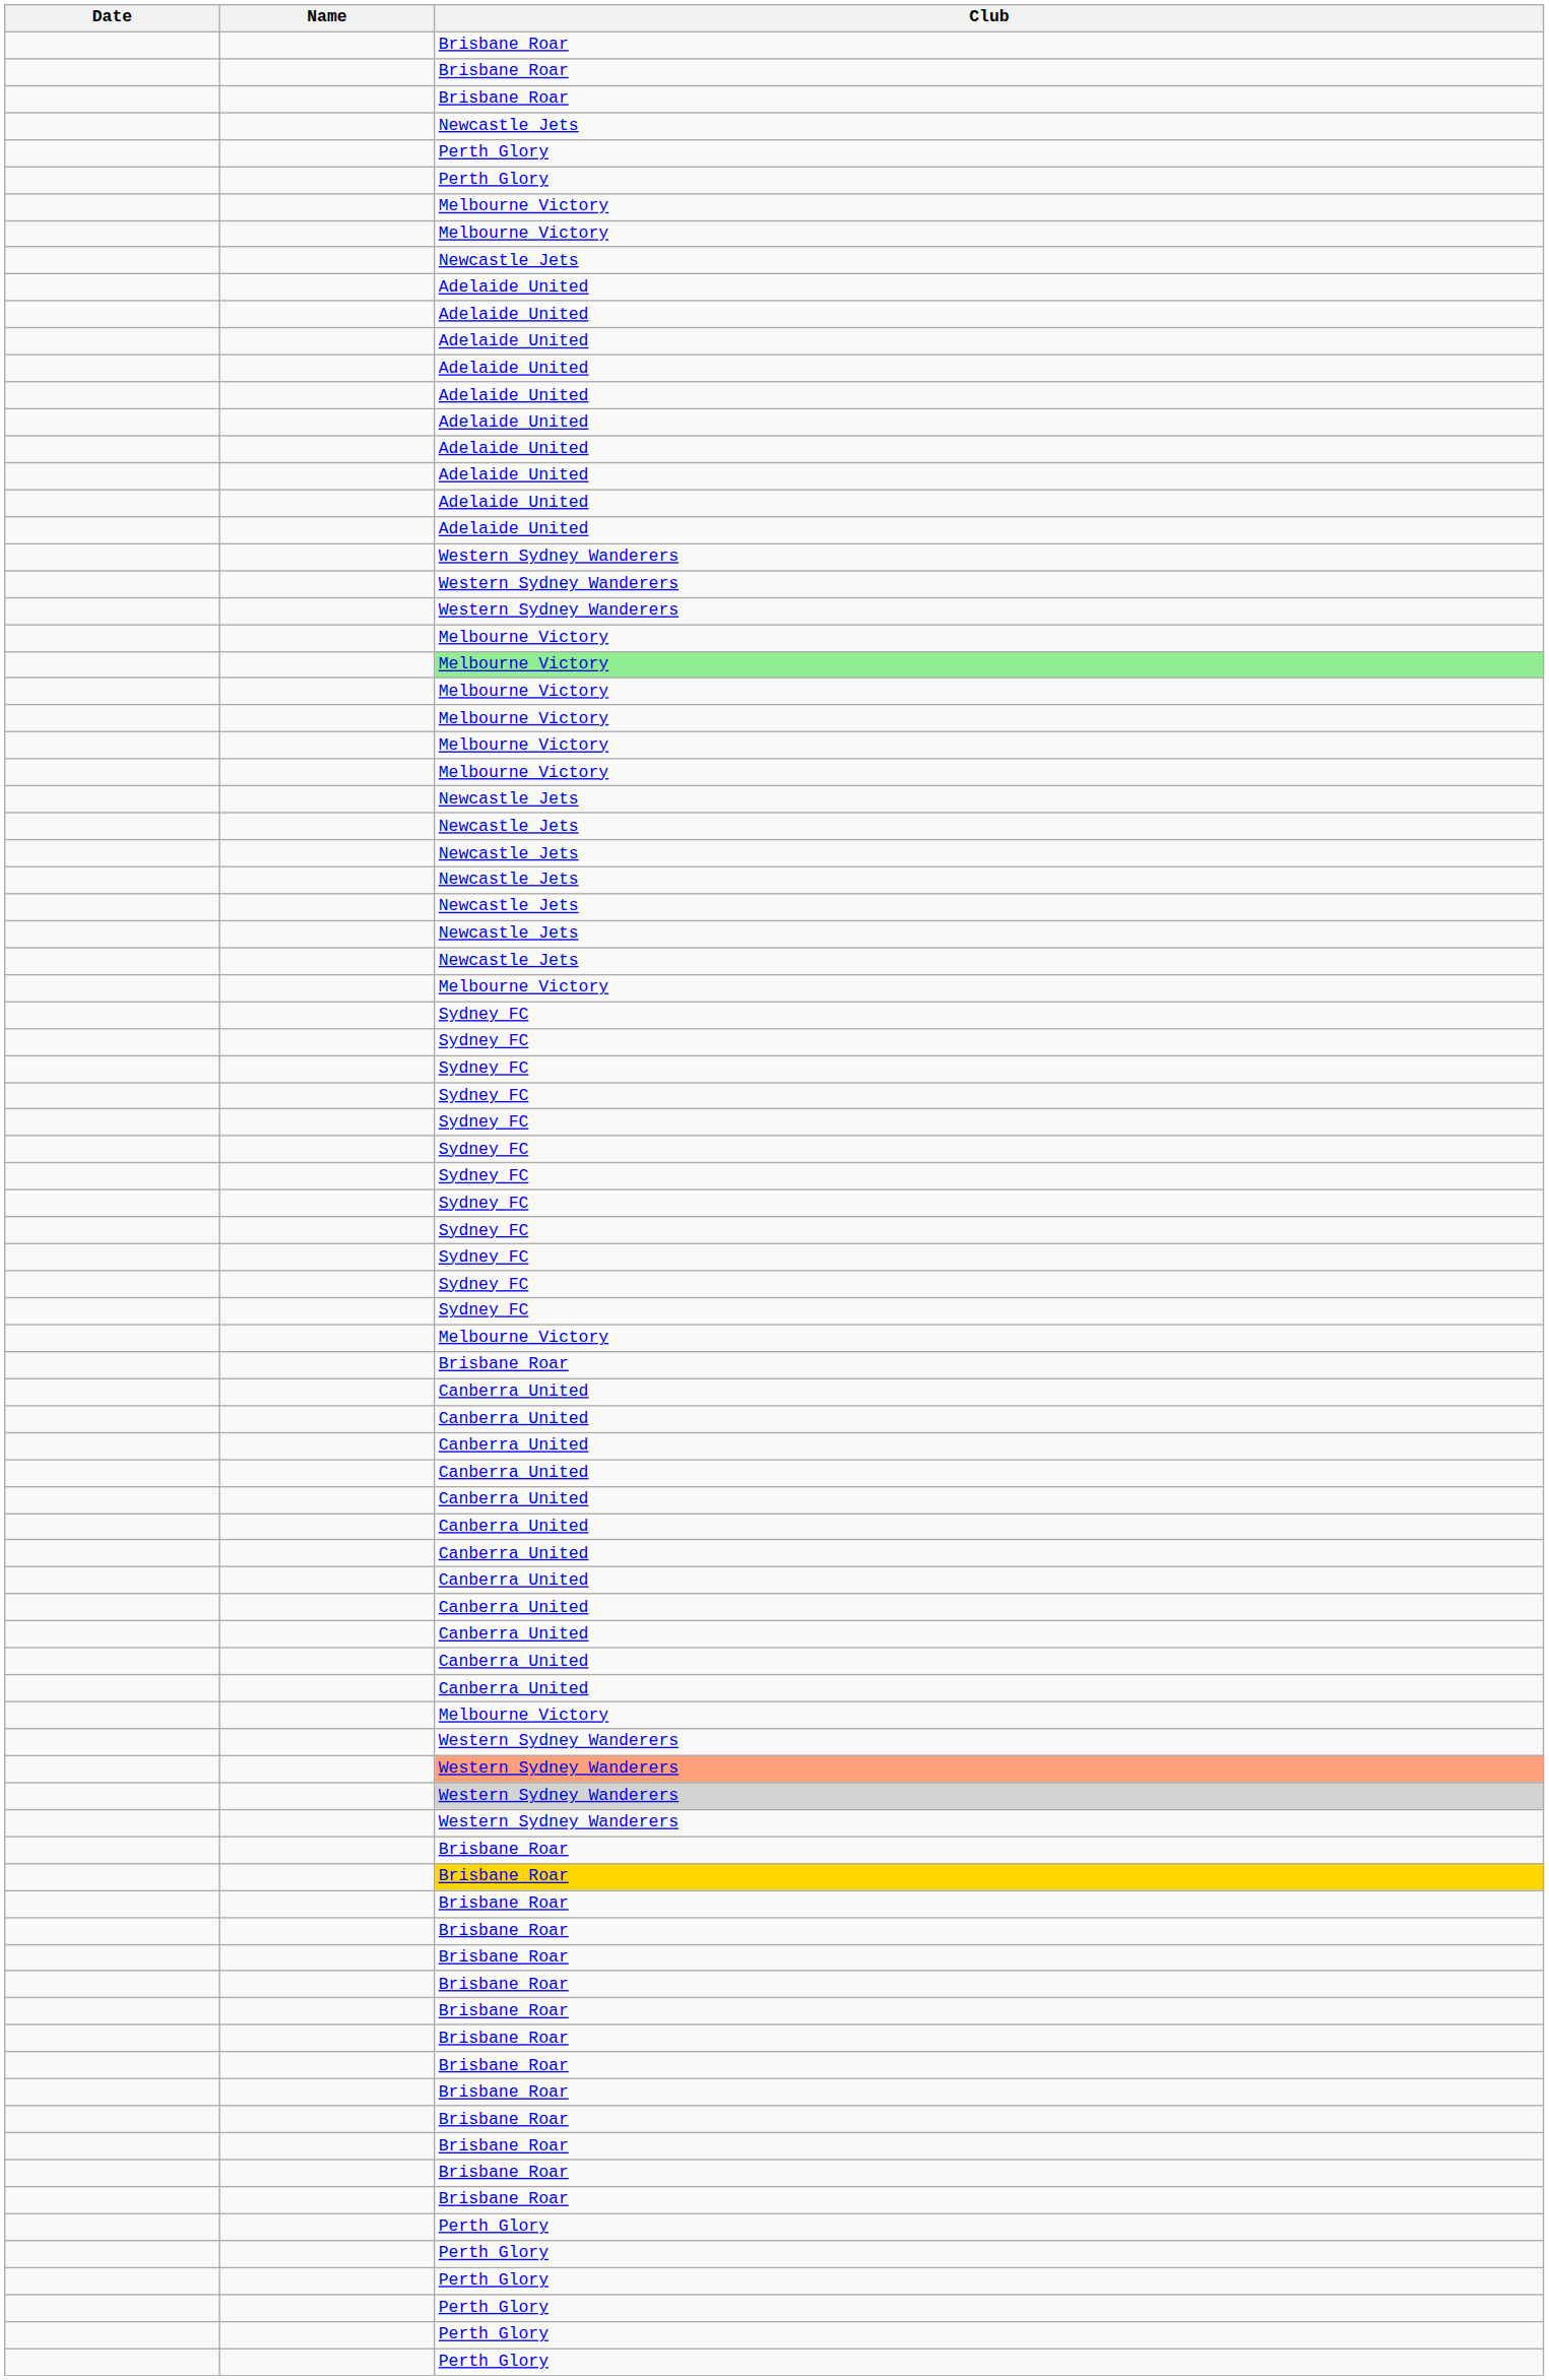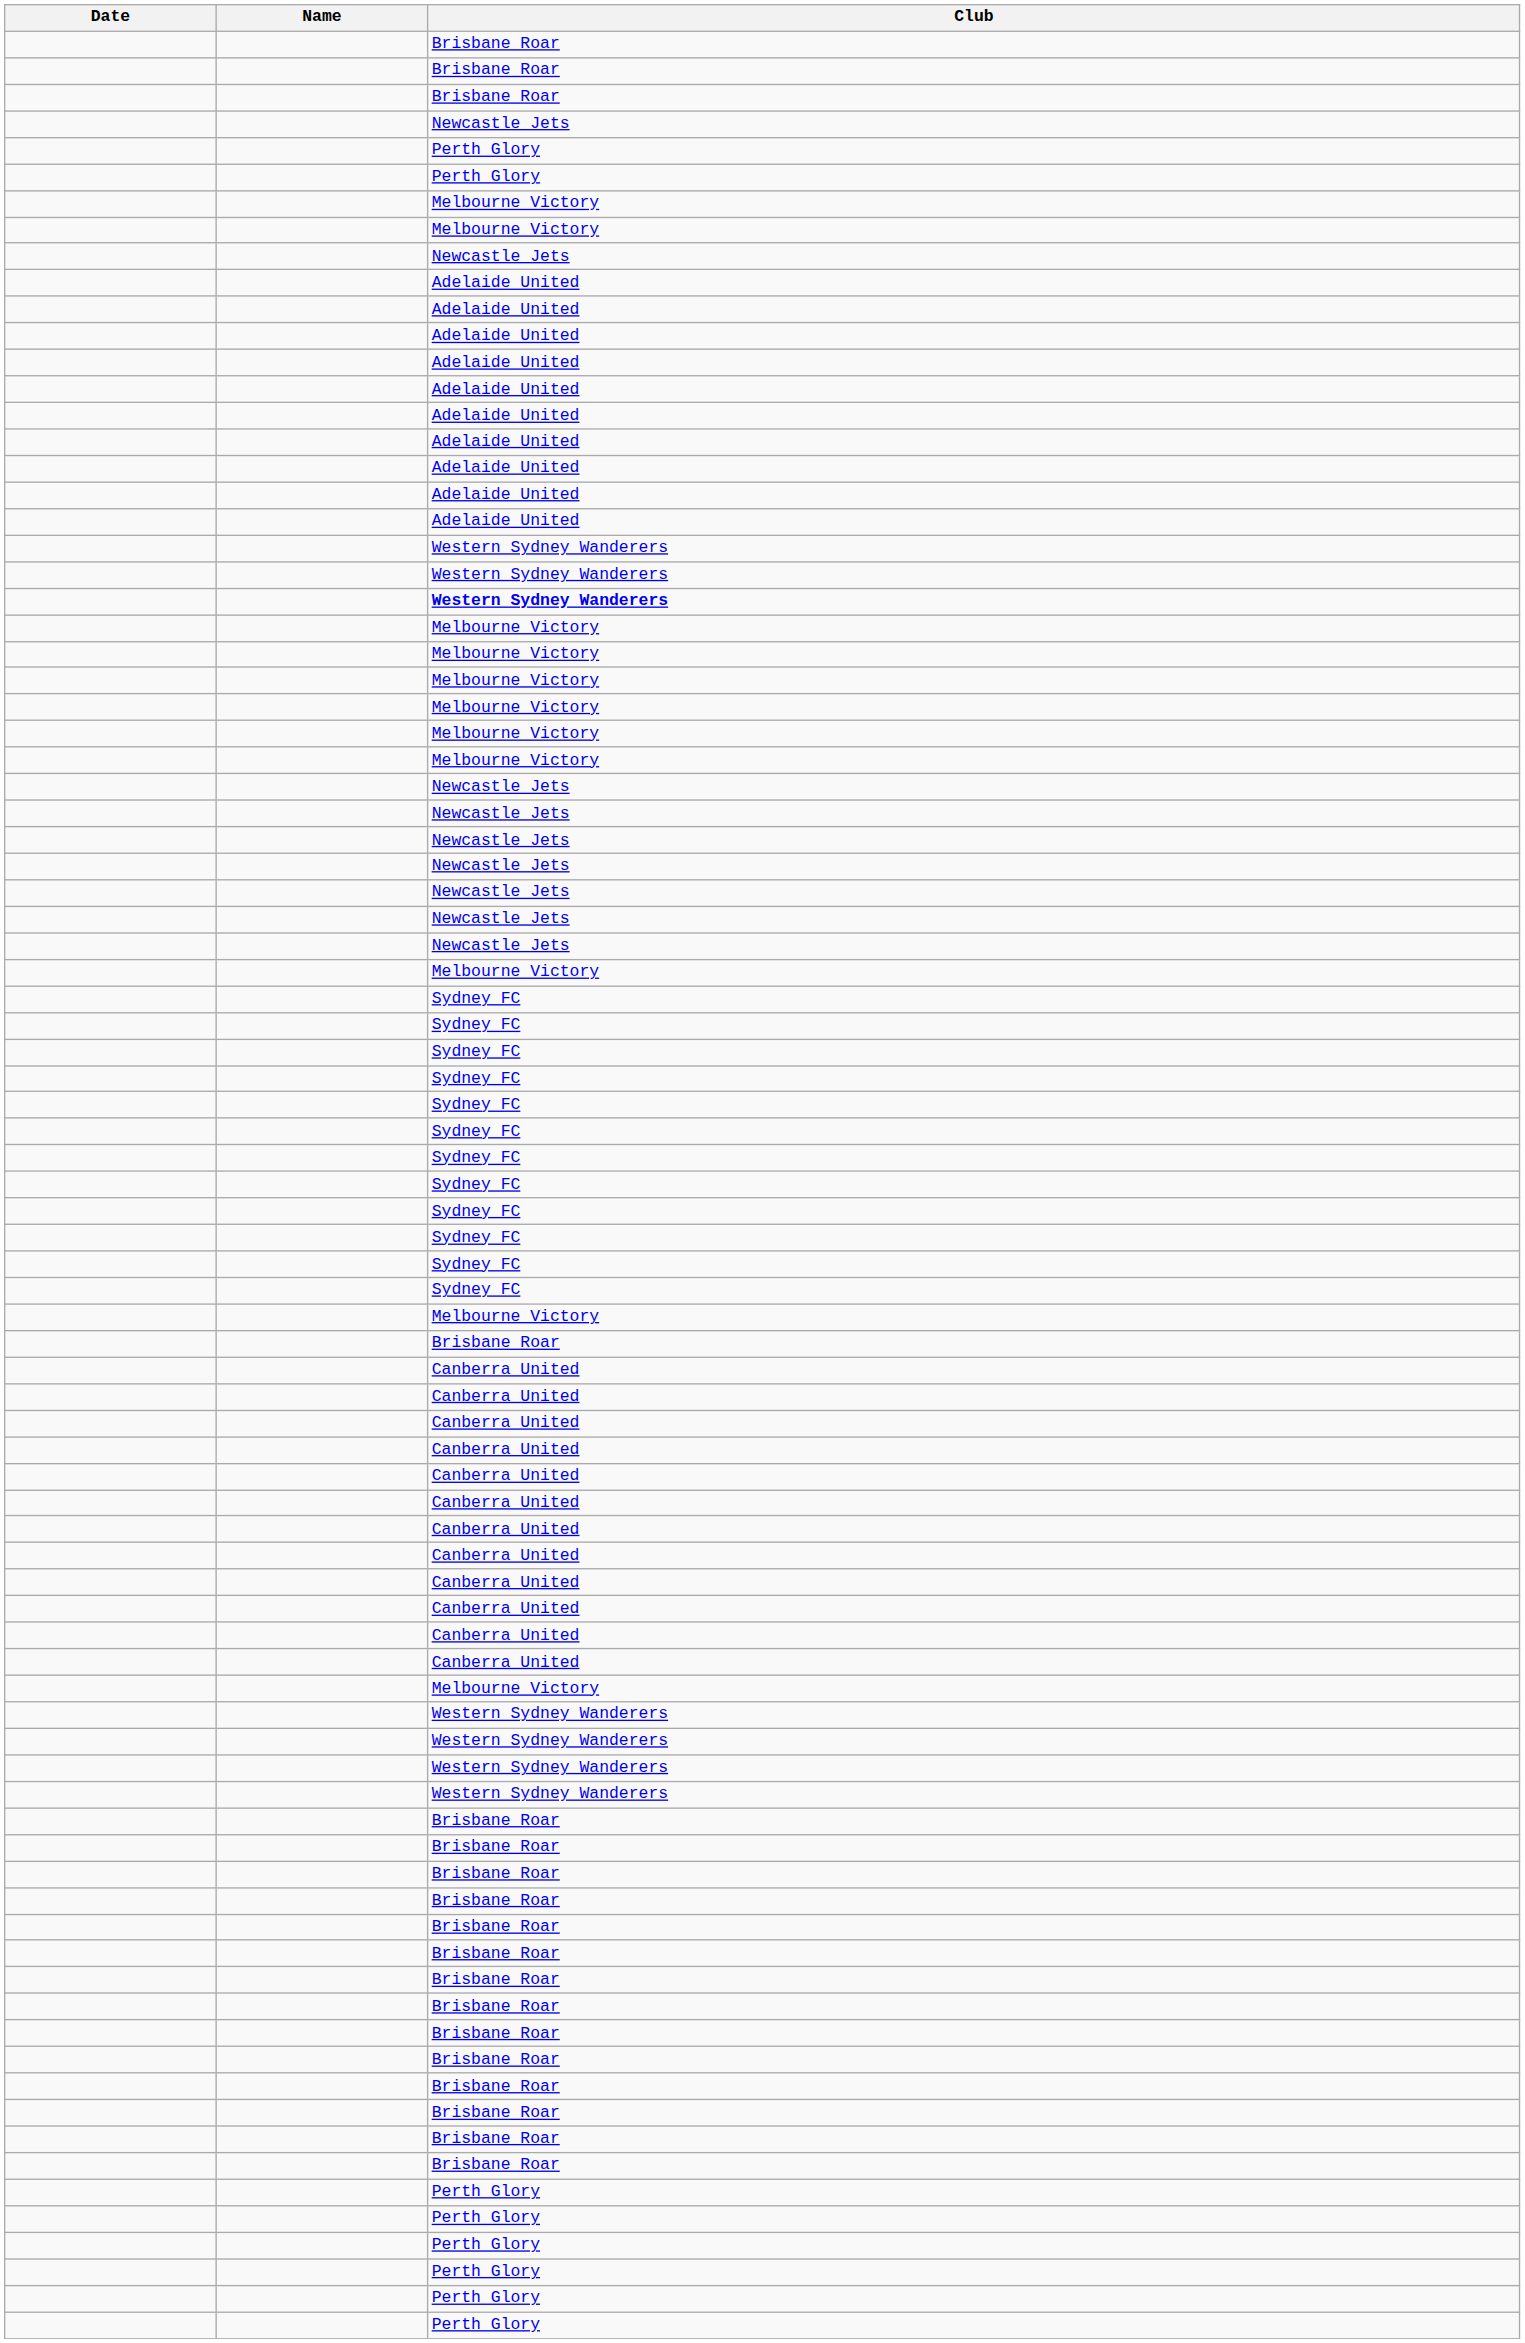 <table class="wikitable sortable" style="width:72%; font-size:95%; ">
 <tr>
 <th>Date</th>
 <th>Name</th>
 <th>Club</th>
 </tr>
 <tr>
 <td></td>
 <td></td>
 <td><a href='#'>Brisbane Roar</a></td>
 </tr>
 <tr>
 <td></td>
 <td></td>
 <td><a href='#'>Brisbane Roar</a></td>
 </tr>
 <tr>
 <td></td>
 <td></td>
 <td><a href='#'>Brisbane Roar</a></td>
 </tr>
 <tr>
 <td></td>
 <td></td>
 <td><a href='#'>Newcastle Jets</a></td>
 </tr>
 <tr>
 <td></td>
 <td></td>
 <td><a href='#'>Perth Glory</a></td>
 </tr>
 <tr>
 <td></td>
 <td></td>
 <td><a href='#'>Perth Glory</a></td>
 </tr>
 <tr>
 <td></td>
 <td></td>
 <td><a href='#'>Melbourne Victory</a></td>
 </tr>
 <tr>
 <td></td>
 <td></td>
 <td><a href='#'>Melbourne Victory</a></td>
 </tr>
 <tr>
 <td></td>
 <td></td>
 <td><a href='#'>Newcastle Jets</a></td>
 </tr>
 <tr>
 <td></td>
 <td></td>
 <td><a href='#'>Adelaide United</a></td>
 </tr>
 <tr>
 <td></td>
 <td></td>
 <td><a href='#'>Adelaide United</a></td>
 </tr>
 <tr>
 <td></td>
 <td></td>
 <td><a href='#'>Adelaide United</a></td>
 </tr>
 <tr>
 <td></td>
 <td></td>
 <td><a href='#'>Adelaide United</a></td>
 </tr>
 <tr>
 <td></td>
 <td></td>
 <td><a href='#'>Adelaide United</a></td>
 </tr>
 <tr>
 <td></td>
 <td></td>
 <td><a href='#'>Adelaide United</a></td>
 </tr>
 <tr>
 <td></td>
 <td></td>
 <td><a href='#'>Adelaide United</a></td>
 </tr>
 <tr>
 <td></td>
 <td></td>
 <td><a href='#'>Adelaide United</a></td>
 </tr>
 <tr>
 <td></td>
 <td></td>
 <td><a href='#'>Adelaide United</a></td>
 </tr>
 <tr>
 <td></td>
 <td></td>
 <td><a href='#'>Adelaide United</a></td>
 </tr>
 <tr>
 <td></td>
 <td></td>
 <td><a href='#'>Western Sydney Wanderers</a></td>
 </tr>
 <tr>
 <td></td>
 <td></td>
 <td><a href='#'>Western Sydney Wanderers</a></td>
 </tr>
 <tr>
 <td></td>
 <td></td>
-<td><a href='#'>Western Sydney Wanderers</a></td>
+<td><strong><a href='#'>Western Sydney Wanderers</a></strong></td>
 </tr>
 <tr>
 <td></td>
 <td></td>
 <td><a href='#'>Melbourne Victory</a></td>
 </tr>
 <tr>
 <td></td>
 <td></td>
-<td style="background: lightgreen;"><a href='#'>Melbourne Victory</a></td>
+<td><a href='#'>Melbourne Victory</a></td>
 </tr>
 <tr>
 <td></td>
 <td></td>
 <td><a href='#'>Melbourne Victory</a></td>
 </tr>
 <tr>
 <td></td>
 <td></td>
 <td><a href='#'>Melbourne Victory</a></td>
 </tr>
 <tr>
 <td></td>
 <td></td>
 <td><a href='#'>Melbourne Victory</a></td>
 </tr>
 <tr>
 <td></td>
 <td></td>
 <td><a href='#'>Melbourne Victory</a></td>
 </tr>
 <tr>
 <td></td>
 <td></td>
 <td><a href='#'>Newcastle Jets</a></td>
 </tr>
 <tr>
 <td></td>
 <td></td>
 <td><a href='#'>Newcastle Jets</a></td>
 </tr>
 <tr>
 <td></td>
 <td></td>
 <td><a href='#'>Newcastle Jets</a></td>
 </tr>
 <tr>
 <td></td>
 <td></td>
 <td><a href='#'>Newcastle Jets</a></td>
 </tr>
 <tr>
 <td></td>
 <td></td>
 <td><a href='#'>Newcastle Jets</a></td>
 </tr>
 <tr>
 <td></td>
 <td></td>
 <td><a href='#'>Newcastle Jets</a></td>
 </tr>
 <tr>
 <td></td>
 <td></td>
 <td><a href='#'>Newcastle Jets</a></td>
 </tr>
 <tr>
 <td></td>
 <td></td>
 <td><a href='#'>Melbourne Victory</a></td>
 </tr>
 <tr>
 <td></td>
 <td></td>
 <td><a href='#'>Sydney FC</a></td>
 </tr>
 <tr>
 <td></td>
 <td></td>
 <td><a href='#'>Sydney FC</a></td>
 </tr>
 <tr>
 <td></td>
 <td></td>
 <td><a href='#'>Sydney FC</a></td>
 </tr>
 <tr>
 <td></td>
 <td></td>
 <td><a href='#'>Sydney FC</a></td>
 </tr>
 <tr>
 <td></td>
 <td></td>
 <td><a href='#'>Sydney FC</a></td>
 </tr>
 <tr>
 <td></td>
 <td></td>
 <td><a href='#'>Sydney FC</a></td>
 </tr>
 <tr>
 <td></td>
 <td></td>
 <td><a href='#'>Sydney FC</a></td>
 </tr>
 <tr>
 <td></td>
 <td></td>
 <td><a href='#'>Sydney FC</a></td>
 </tr>
 <tr>
 <td></td>
 <td></td>
 <td><a href='#'>Sydney FC</a></td>
 </tr>
 <tr>
 <td></td>
 <td></td>
 <td><a href='#'>Sydney FC</a></td>
 </tr>
 <tr>
 <td></td>
 <td></td>
 <td><a href='#'>Sydney FC</a></td>
 </tr>
 <tr>
 <td></td>
 <td></td>
 <td><a href='#'>Sydney FC</a></td>
 </tr>
 <tr>
 <td></td>
 <td></td>
 <td><a href='#'>Melbourne Victory</a></td>
 </tr>
 <tr>
 <td></td>
 <td></td>
 <td><a href='#'>Brisbane Roar</a></td>
 </tr>
 <tr>
 <td></td>
 <td></td>
 <td><a href='#'>Canberra United</a></td>
 </tr>
 <tr>
 <td></td>
 <td></td>
 <td><a href='#'>Canberra United</a></td>
 </tr>
 <tr>
 <td></td>
 <td></td>
 <td><a href='#'>Canberra United</a></td>
 </tr>
 <tr>
 <td></td>
 <td></td>
 <td><a href='#'>Canberra United</a></td>
 </tr>
 <tr>
 <td></td>
 <td></td>
 <td><a href='#'>Canberra United</a></td>
 </tr>
 <tr>
 <td></td>
 <td></td>
 <td><a href='#'>Canberra United</a></td>
 </tr>
 <tr>
 <td></td>
 <td></td>
 <td><a href='#'>Canberra United</a></td>
 </tr>
 <tr>
 <td></td>
 <td></td>
 <td><a href='#'>Canberra United</a></td>
 </tr>
 <tr>
 <td></td>
 <td></td>
 <td><a href='#'>Canberra United</a></td>
 </tr>
 <tr>
 <td></td>
 <td></td>
 <td><a href='#'>Canberra United</a></td>
 </tr>
 <tr>
 <td></td>
 <td></td>
 <td><a href='#'>Canberra United</a></td>
 </tr>
 <tr>
 <td></td>
 <td></td>
 <td><a href='#'>Canberra United</a></td>
 </tr>
 <tr>
 <td></td>
 <td></td>
 <td><a href='#'>Melbourne Victory</a></td>
 </tr>
 <tr>
 <td></td>
 <td></td>
 <td><a href='#'>Western Sydney Wanderers</a></td>
 </tr>
 <tr>
 <td></td>
 <td></td>
-<td style="background: lightsalmon;"><a href='#'>Western Sydney Wanderers</a></td>
+<td><a href='#'>Western Sydney Wanderers</a></td>
 </tr>
 <tr>
 <td></td>
 <td></td>
-<td style="background: lightgrey;"><a href='#'>Western Sydney Wanderers</a></td>
+<td><a href='#'>Western Sydney Wanderers</a></td>
 </tr>
 <tr>
 <td></td>
 <td></td>
 <td><a href='#'>Western Sydney Wanderers</a></td>
 </tr>
 <tr>
 <td></td>
 <td></td>
 <td><a href='#'>Brisbane Roar</a></td>
 </tr>
 <tr>
 <td></td>
 <td></td>
-<td style="background: gold;"><a href='#'>Brisbane Roar</a></td>
+<td><a href='#'>Brisbane Roar</a></td>
 </tr>
 <tr>
 <td></td>
 <td></td>
 <td><a href='#'>Brisbane Roar</a></td>
 </tr>
 <tr>
 <td></td>
 <td></td>
 <td><a href='#'>Brisbane Roar</a></td>
 </tr>
 <tr>
 <td></td>
 <td></td>
 <td><a href='#'>Brisbane Roar</a></td>
 </tr>
 <tr>
 <td></td>
 <td></td>
 <td><a href='#'>Brisbane Roar</a></td>
 </tr>
 <tr>
 <td></td>
 <td></td>
 <td><a href='#'>Brisbane Roar</a></td>
 </tr>
 <tr>
 <td></td>
 <td></td>
 <td><a href='#'>Brisbane Roar</a></td>
 </tr>
 <tr>
 <td></td>
 <td></td>
 <td><a href='#'>Brisbane Roar</a></td>
 </tr>
 <tr>
 <td></td>
 <td></td>
 <td><a href='#'>Brisbane Roar</a></td>
 </tr>
 <tr>
 <td></td>
 <td></td>
 <td><a href='#'>Brisbane Roar</a></td>
 </tr>
 <tr>
 <td></td>
 <td></td>
 <td><a href='#'>Brisbane Roar</a></td>
 </tr>
 <tr>
 <td></td>
 <td></td>
 <td><a href='#'>Brisbane Roar</a></td>
 </tr>
 <tr>
 <td></td>
 <td></td>
 <td><a href='#'>Brisbane Roar</a></td>
 </tr>
 <tr>
 <td></td>
 <td></td>
 <td><a href='#'>Perth Glory</a></td>
 </tr>
 <tr>
 <td></td>
 <td></td>
 <td><a href='#'>Perth Glory</a></td>
 </tr>
 <tr>
 <td></td>
 <td></td>
 <td><a href='#'>Perth Glory</a></td>
 </tr>
 <tr>
 <td></td>
 <td></td>
 <td><a href='#'>Perth Glory</a></td>
 </tr>
 <tr>
 <td></td>
 <td></td>
 <td><a href='#'>Perth Glory</a></td>
 </tr>
 <tr>
 <td></td>
 <td></td>
 <td><a href='#'>Perth Glory</a></td>
 </tr>
 </table>
